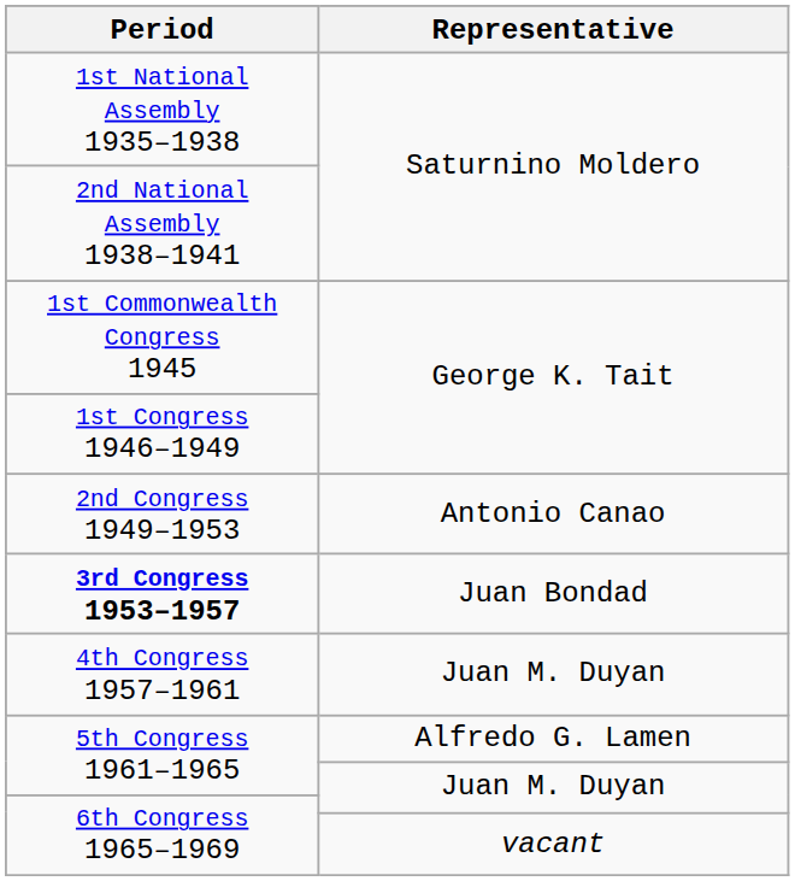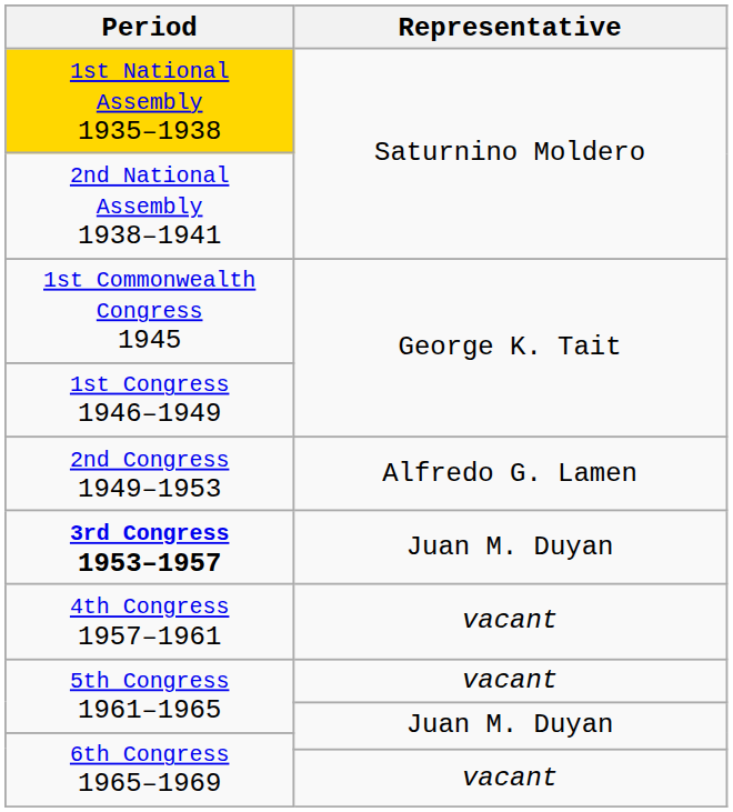 <table class="wikitable" style="text-align:center; width:40%;">
 <tr>
 <th width="40%">Period</th>
 <th>Representative</th>
 </tr>
 <tr>
-<td><small><a href='#'>1st National Assembly</a></small><br>1935–1938</td>
+<td style="background: gold;"><small><a href='#'>1st National Assembly</a></small><br>1935–1938</td>
 <td rowspan="2">Saturnino Moldero</td>
 </tr>
 <tr>
 <td><small><a href='#'>2nd National Assembly</a></small><br>1938–1941</td>
 </tr>
 <tr>
 <td><small><a href='#'>1st Commonwealth Congress</a></small><br>1945</td>
 <td rowspan="2">George K. Tait</td>
 </tr>
 <tr>
 <td><small><a href='#'>1st Congress</a></small><br>1946–1949</td>
 </tr>
 <tr>
 <td><small><a href='#'>2nd Congress</a></small><br>1949–1953</td>
-<td>Antonio Canao</td>
+<td>Alfredo G. Lamen</td>
 </tr>
 <tr>
 <td><strong><small><a href='#'>3rd Congress</a></small><br>1953–1957</strong></td>
-<td>Juan Bondad</td>
+<td>Juan M. Duyan</td>
 </tr>
 <tr>
 <td><small><a href='#'>4th Congress</a></small><br>1957–1961</td>
-<td>Juan M. Duyan</td>
+<td><em>vacant</em></td>
 </tr>
 <tr>
 <td rowspan="2"><small><a href='#'>5th Congress</a></small><br>1961–1965</td>
-<td>Alfredo G. Lamen</td>
+<td><em>vacant</em></td>
 </tr>
 <tr>
 <td rowspan="2">Juan M. Duyan</td>
 </tr>
 <tr>
 <td rowspan="2"><small><a href='#'>6th Congress</a></small><br>1965–1969</td>
 </tr>
 <tr>
 <td><em>vacant</em></td>
 </tr>
 </table>
